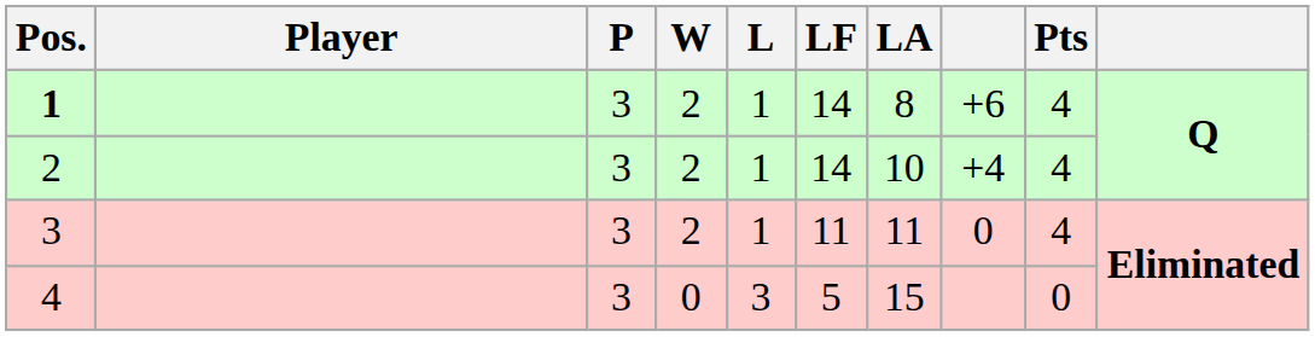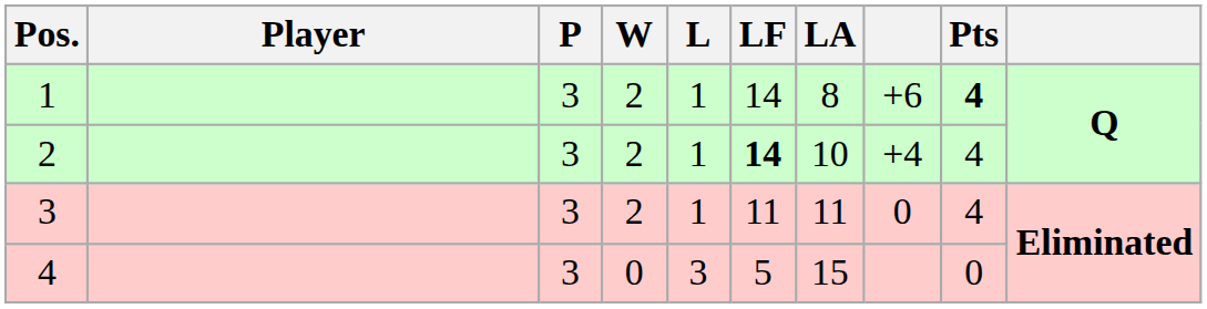 <table class="wikitable" style="text-align:center; margin: 1em auto 1em auto, align:left">
 <tr>
 <th width=20>Pos.</th>
 <th width=185>Player</th>
 <th width=20>P</th>
 <th width=20>W</th>
 <th width=20>L</th>
 <th width=20>LF</th>
 <th width=20>LA</th>
 <th width=25></th>
 <th width=20>Pts</th>
 <th width=70></th>
 </tr>
 <tr style="background:#CCFFCC;">
-<td><strong>1</strong></td>
+<td>1</td>
 <td style="text-align:left"></td>
 <td>3</td>
 <td>2</td>
 <td>1</td>
 <td>14</td>
 <td>8</td>
 <td>+6</td>
-<td>4</td>
+<td><strong>4</strong></td>
 <td rowspan=2><strong>Q</strong></td>
 </tr>
 <tr style="background:#CCFFCC;">
 <td>2</td>
 <td style="text-align:left"></td>
 <td>3</td>
 <td>2</td>
 <td>1</td>
-<td>14</td>
+<td><strong>14</strong></td>
 <td>10</td>
 <td>+4</td>
 <td>4</td>
 </tr>
 <tr style="background:#FFCCCC;">
 <td>3</td>
 <td style="text-align:left"></td>
 <td>3</td>
 <td>2</td>
 <td>1</td>
 <td>11</td>
 <td>11</td>
 <td>0</td>
 <td>4</td>
 <td rowspan=2><strong>Eliminated</strong></td>
 </tr>
 <tr style="background:#FFCCCC;">
 <td>4</td>
 <td style="text-align:left"></td>
 <td>3</td>
 <td>0</td>
 <td>3</td>
 <td>5</td>
 <td>15</td>
 <td></td>
 <td>0</td>
 </tr>
 </table>
